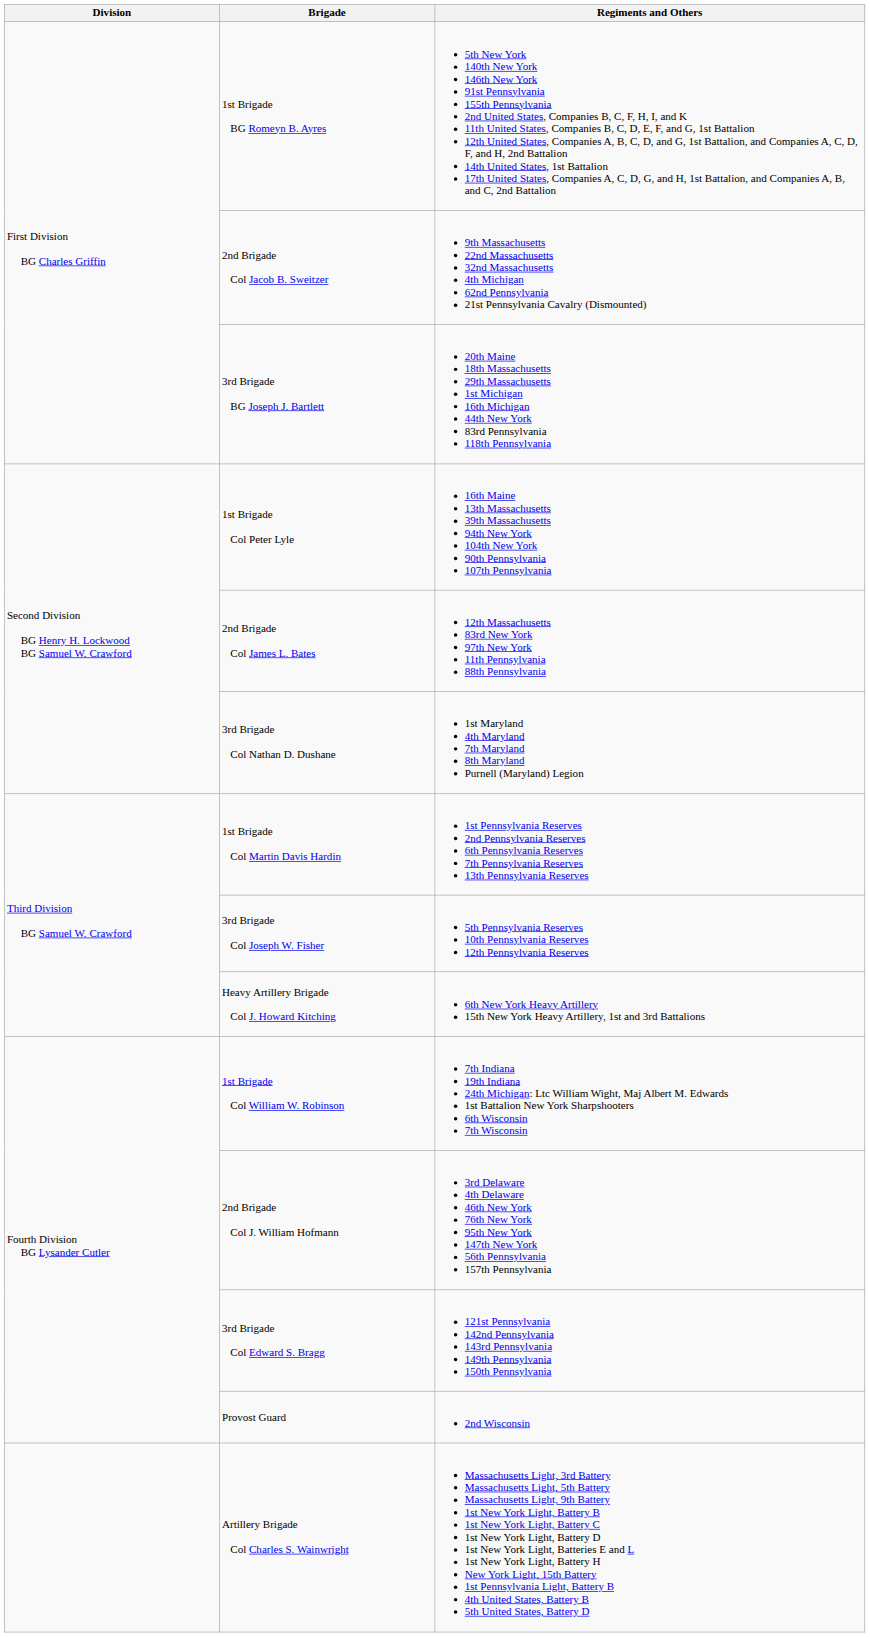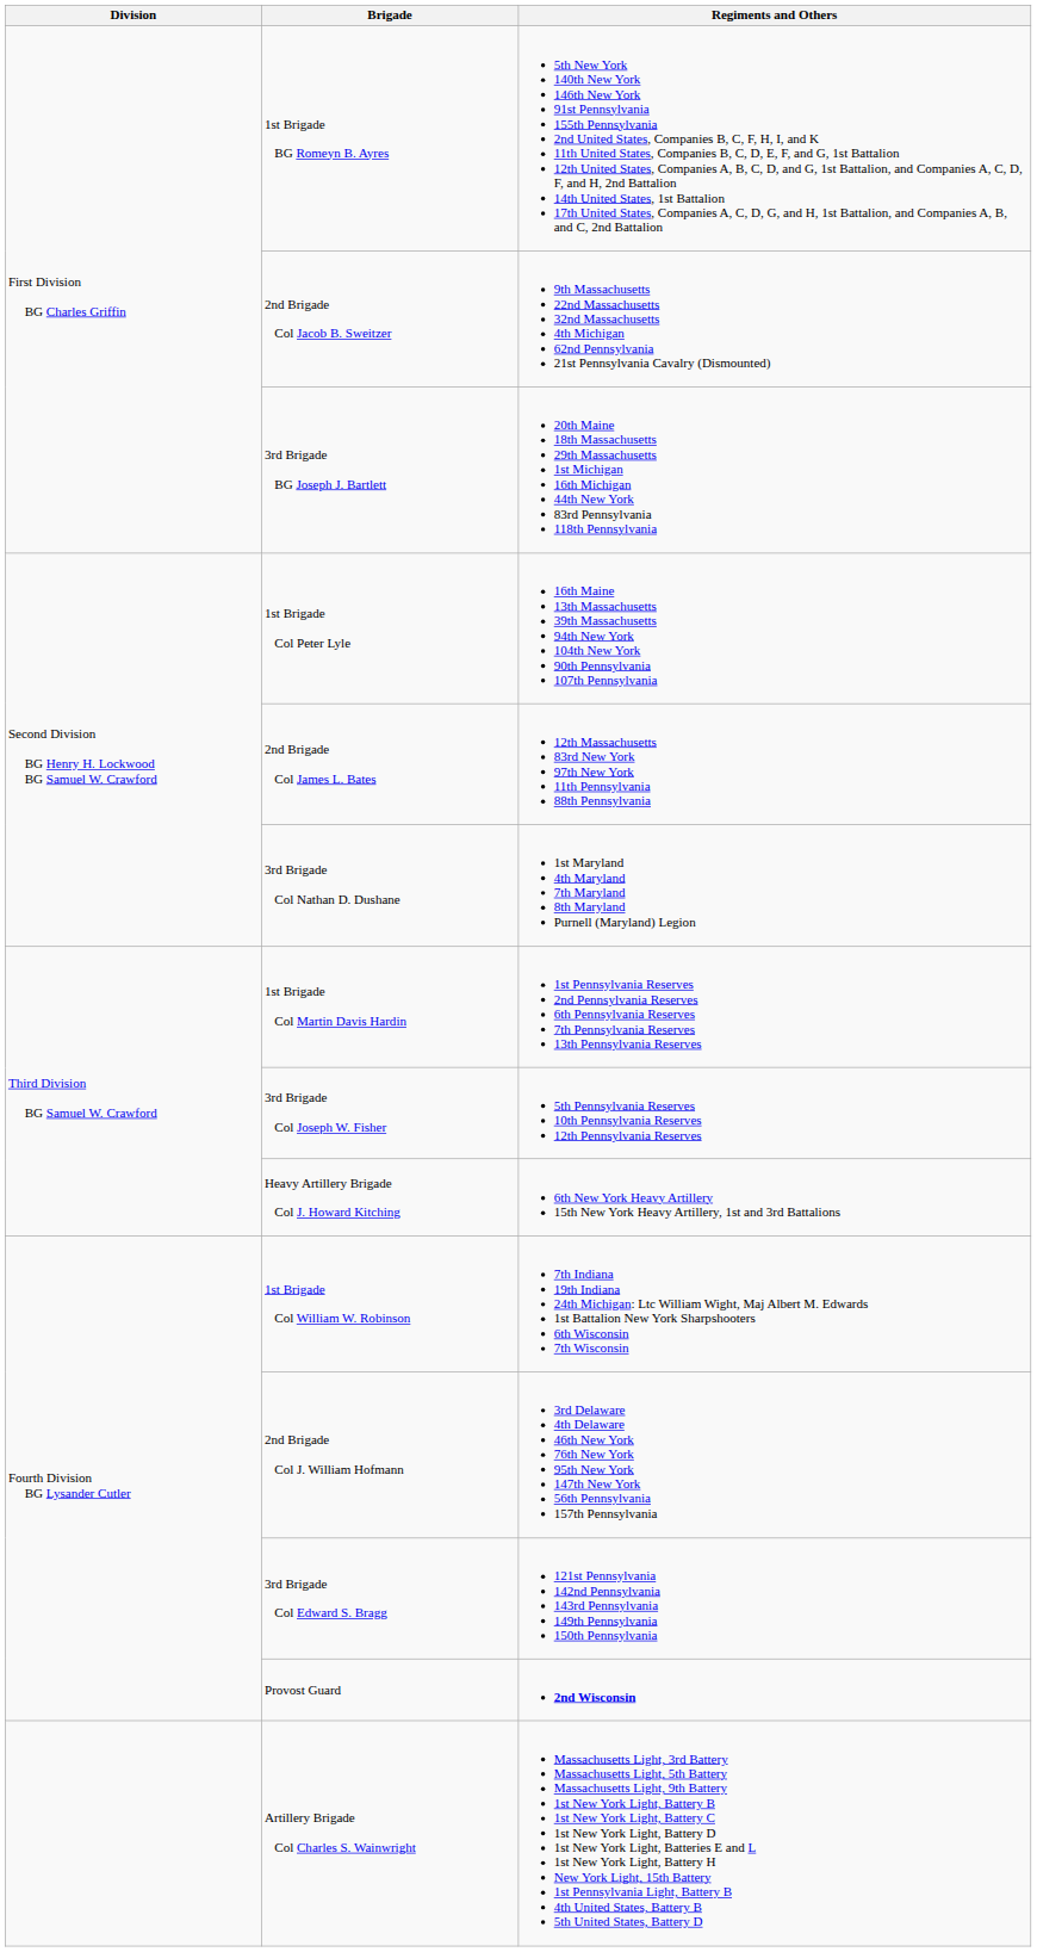 <table class="wikitable">
 <tr>
 <th width=25%>Division</th>
 <th width=25%>Brigade</th>
 <th>Regiments and Others</th>
 </tr>
 <tr>
 <td rowspan=3><br>First Division <br> <br>     BG <a href='#'>Charles Griffin</a></td>
 <td>1st Brigade<br><br>   BG <a href='#'>Romeyn B. Ayres</a></td>
 <td><br><ul><li><a href='#'>5th New York</a></li><li><a href='#'>140th New York</a></li><li><a href='#'>146th New York</a></li><li><a href='#'>91st Pennsylvania</a></li><li><a href='#'>155th Pennsylvania</a></li><li><a href='#'>2nd United States</a>, Companies B, C, F, H, I, and K</li><li><a href='#'>11th United States</a>, Companies B, C, D, E, F, and G, 1st Battalion</li><li><a href='#'>12th United States</a>, Companies A, B, C, D, and G, 1st Battalion, and Companies A, C, D, F, and H, 2nd Battalion</li><li><a href='#'>14th United States</a>, 1st Battalion</li><li><a href='#'>17th United States</a>, Companies A, C, D, G, and H, 1st Battalion, and Companies A, B, and C, 2nd Battalion</li></ul></td>
 </tr>
 <tr>
 <td>2nd Brigade<br><br>   Col <a href='#'>Jacob B. Sweitzer</a></td>
 <td><br><ul><li><a href='#'>9th Massachusetts</a></li><li><a href='#'>22nd Massachusetts</a></li><li><a href='#'>32nd Massachusetts</a></li><li><a href='#'>4th Michigan</a></li><li><a href='#'>62nd Pennsylvania</a></li><li>21st Pennsylvania Cavalry (Dismounted)</li></ul></td>
 </tr>
 <tr>
 <td>3rd Brigade<br><br>   BG <a href='#'>Joseph J. Bartlett</a></td>
 <td><br><ul><li><a href='#'>20th Maine</a></li><li><a href='#'>18th Massachusetts</a></li><li><a href='#'>29th Massachusetts</a></li><li><a href='#'>1st Michigan</a></li><li><a href='#'>16th Michigan</a></li><li><a href='#'>44th New York</a></li><li>83rd Pennsylvania</li><li><a href='#'>118th Pennsylvania</a></li></ul></td>
 </tr>
 <tr>
 <td rowspan= 3><br>Second Division <br> <br>     BG <a href='#'>Henry H. Lockwood</a> <br>     BG <a href='#'>Samuel W. Crawford</a></td>
 <td>1st Brigade<br><br>   Col Peter Lyle</td>
 <td><br><ul><li><a href='#'>16th Maine</a></li><li><a href='#'>13th Massachusetts</a></li><li><a href='#'>39th Massachusetts</a></li><li><a href='#'>94th New York</a></li><li><a href='#'>104th New York</a></li><li><a href='#'>90th Pennsylvania</a></li><li><a href='#'>107th Pennsylvania</a></li></ul></td>
 </tr>
 <tr>
 <td>2nd Brigade<br><br>   Col <a href='#'>James L. Bates</a></td>
 <td><br><ul><li><a href='#'>12th Massachusetts</a></li><li><a href='#'>83rd New York</a></li><li><a href='#'>97th New York</a></li><li><a href='#'>11th Pennsylvania</a></li><li><a href='#'>88th Pennsylvania</a></li></ul></td>
 </tr>
 <tr>
 <td>3rd Brigade<br><br>   Col Nathan D. Dushane</td>
 <td><br><ul><li>1st Maryland</li><li><a href='#'>4th Maryland</a></li><li><a href='#'>7th Maryland</a></li><li><a href='#'>8th Maryland</a></li><li>Purnell (Maryland) Legion</li></ul></td>
 </tr>
 <tr>
 <td rowspan=3><br><a href='#'>Third Division</a> <br> <br>     BG <a href='#'>Samuel W. Crawford</a></td>
 <td>1st Brigade<br><br>   Col <a href='#'>Martin Davis Hardin</a></td>
 <td><br><ul><li><a href='#'>1st Pennsylvania Reserves</a></li><li><a href='#'>2nd Pennsylvania Reserves</a></li><li><a href='#'>6th Pennsylvania Reserves</a></li><li><a href='#'>7th Pennsylvania Reserves</a></li><li><a href='#'>13th Pennsylvania Reserves</a></li></ul></td>
 </tr>
 <tr>
 <td>3rd Brigade<br><br>   Col <a href='#'>Joseph W. Fisher</a></td>
 <td><br><ul><li><a href='#'>5th Pennsylvania Reserves</a></li><li><a href='#'>10th Pennsylvania Reserves</a></li><li><a href='#'>12th Pennsylvania Reserves</a></li></ul></td>
 </tr>
 <tr>
 <td>Heavy Artillery Brigade<br><br>   Col <a href='#'>J. Howard Kitching</a></td>
 <td><br><ul><li><a href='#'>6th New York Heavy Artillery</a></li><li>15th New York Heavy Artillery, 1st and 3rd Battalions</li></ul></td>
 </tr>
 <tr>
 <td rowspan=4><br>Fourth Division <br>     BG <a href='#'>Lysander Cutler</a></td>
 <td><a href='#'>1st Brigade</a><br><br>   Col <a href='#'>William W. Robinson</a></td>
 <td><br><ul><li><a href='#'>7th Indiana</a></li><li><a href='#'>19th Indiana</a></li><li><a href='#'>24th Michigan</a>: Ltc William Wight, Maj Albert M. Edwards</li><li>1st Battalion New York Sharpshooters</li><li><a href='#'>6th Wisconsin</a></li><li><a href='#'>7th Wisconsin</a></li></ul></td>
 </tr>
 <tr>
 <td>2nd Brigade<br><br>   Col J. William Hofmann</td>
 <td><br><ul><li><a href='#'>3rd Delaware</a></li><li><a href='#'>4th Delaware</a></li><li><a href='#'>46th New York</a></li><li><a href='#'>76th New York</a></li><li><a href='#'>95th New York</a></li><li><a href='#'>147th New York</a></li><li><a href='#'>56th Pennsylvania</a></li><li>157th Pennsylvania</li></ul></td>
 </tr>
 <tr>
 <td>3rd Brigade<br><br>   Col <a href='#'>Edward S. Bragg</a></td>
 <td><br><ul><li><a href='#'>121st Pennsylvania</a></li><li><a href='#'>142nd Pennsylvania</a></li><li><a href='#'>143rd Pennsylvania</a></li><li><a href='#'>149th Pennsylvania</a></li><li><a href='#'>150th Pennsylvania</a></li></ul></td>
 </tr>
 <tr>
 <td>Provost Guard</td>
-<td><br><ul><li><a href='#'>2nd Wisconsin</a></li></ul></td>
+<td><strong><br><ul><li><a href='#'>2nd Wisconsin</a></li></ul></strong></td>
 </tr>
 <tr>
 <td></td>
 <td>Artillery Brigade<br><br>   Col <a href='#'>Charles S. Wainwright</a></td>
 <td><br><ul><li><a href='#'>Massachusetts Light, 3rd Battery</a></li><li><a href='#'>Massachusetts Light, 5th Battery</a></li><li><a href='#'>Massachusetts Light, 9th Battery</a></li><li><a href='#'>1st New York Light, Battery B</a></li><li><a href='#'>1st New York Light, Battery C</a></li><li>1st New York Light, Battery D</li><li>1st New York Light, Batteries E and <a href='#'>L</a></li><li>1st New York Light, Battery H</li><li><a href='#'>New York Light, 15th Battery</a></li><li><a href='#'>1st Pennsylvania Light, Battery B</a></li><li><a href='#'>4th United States, Battery B</a></li><li><a href='#'>5th United States, Battery D</a></li></ul></td>
 </tr>
 </table>
